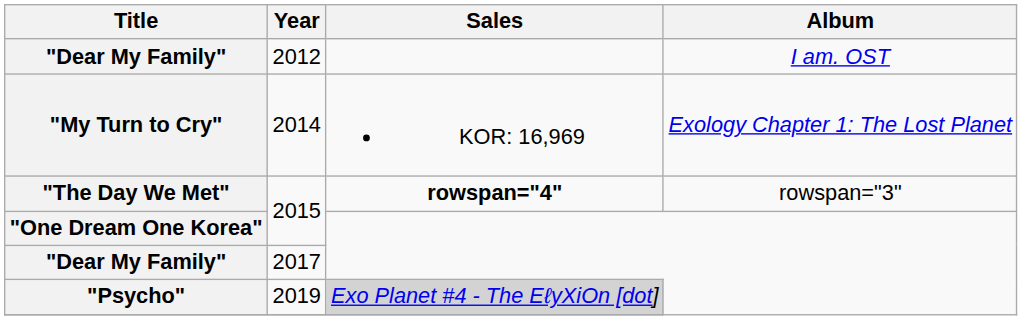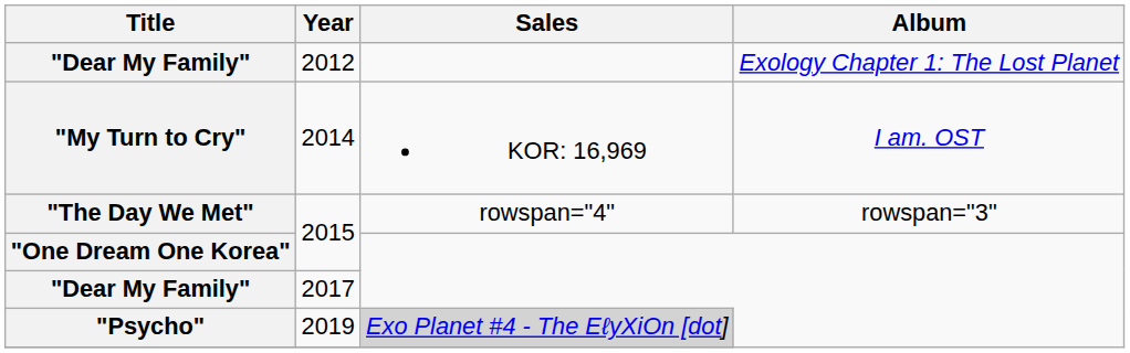 <table class="wikitable plainrowheaders" style="text-align:center;">
 <tr>
 <th scope="col">Title</th>
 <th scope="col">Year</th>
 <th scope="col">Sales</th>
 <th scope="col">Album</th>
 </tr>
 <tr>
 <th scope="row">"Dear My Family"<br></th>
 <td>2012</td>
 <td></td>
-<td><em><a href='#'>I am. OST</a></em></td>
+<td><em><a href='#'>Exology Chapter 1: The Lost Planet</a></em></td>
 </tr>
 <tr>
 <th scope="row">"My Turn to Cry"</th>
 <td>2014</td>
 <td><br><ul><li>KOR: 16,969</li></ul></td>
-<td><em><a href='#'>Exology Chapter 1: The Lost Planet</a></em></td>
+<td><em><a href='#'>I am. OST</a></em></td>
 </tr>
 <tr>
 <th scope="row">"The Day We Met"<br></th>
 <td rowspan="2">2015</td>
-<td><strong>rowspan="4" </strong></td>
+<td>rowspan="4" </td>
 <td>rowspan="3" </td>
 </tr>
 <tr>
 <th scope="row">"One Dream One Korea"<br></th>
 </tr>
 <tr>
 <th scope="row">"Dear My Family" <br></th>
 <td>2017</td>
 </tr>
 <tr>
 <th scope="row">"Psycho"</th>
 <td>2019</td>
 <td style="background: lightgrey;"><em><a href='#'>Exo Planet #4 - The EℓyXiOn [dot</a>]</em></td>
 </tr>
 <tr>
 </tr>
 </table>
